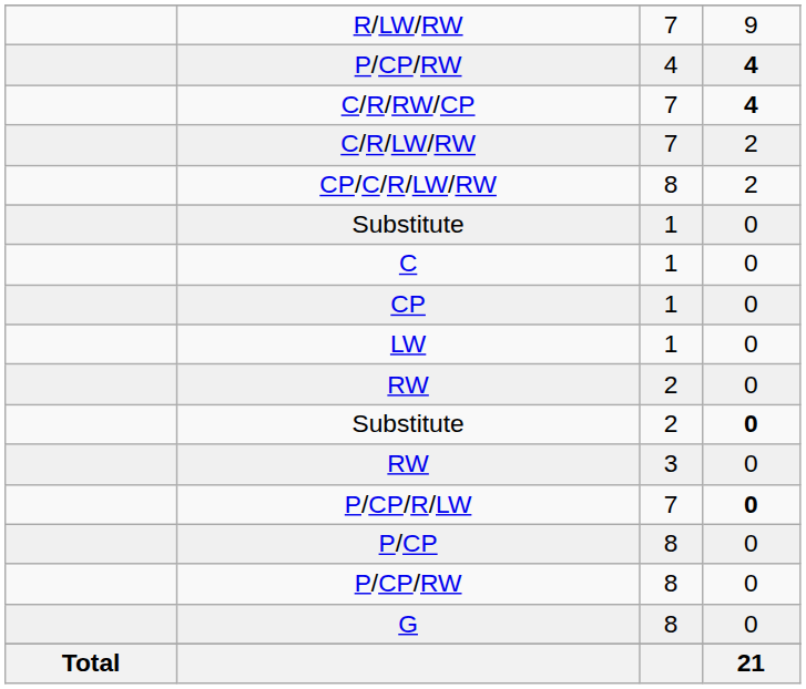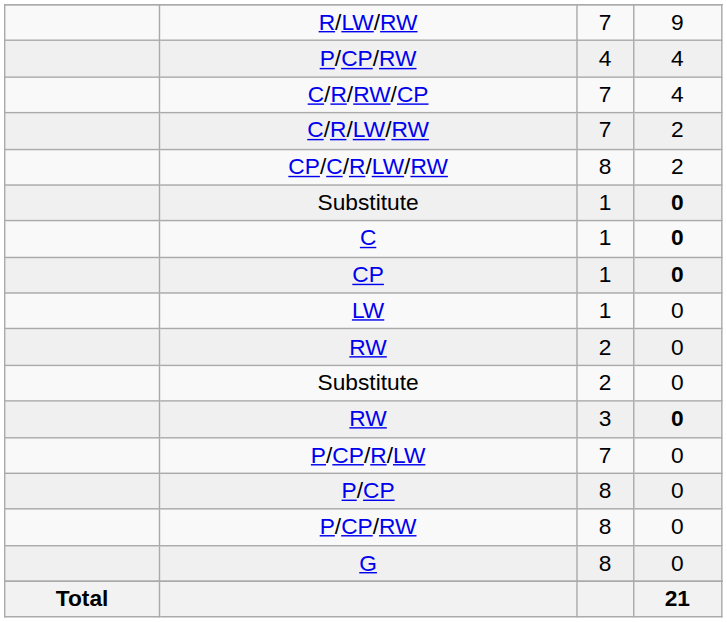 <table class="wikitable sortable" width ="40%">
 <tr align="center">
 </tr>
 <tr align="center" bgcolor="">
 <td></td>
 <td><a href='#'>R</a>/<a href='#'>LW</a>/<a href='#'>RW</a></td>
 <td>7</td>
 <td>9</td>
 </tr>
 <tr align="center" bgcolor="f0f0f0">
 <td></td>
 <td><a href='#'>P</a>/<a href='#'>CP</a>/<a href='#'>RW</a></td>
 <td>4</td>
-<td><strong>4</strong></td>
+<td>4</td>
 </tr>
 <tr align="center" bgcolor="">
 <td></td>
 <td><a href='#'>C</a>/<a href='#'>R</a>/<a href='#'>RW</a>/<a href='#'>CP</a></td>
 <td>7</td>
-<td><strong>4</strong></td>
+<td>4</td>
 </tr>
 <tr align="center" bgcolor="f0f0f0">
 <td></td>
 <td><a href='#'>C</a>/<a href='#'>R</a>/<a href='#'>LW</a>/<a href='#'>RW</a></td>
 <td>7</td>
 <td>2</td>
 </tr>
 <tr align="center" bgcolor="">
 <td></td>
 <td><a href='#'>CP</a>/<a href='#'>C</a>/<a href='#'>R</a>/<a href='#'>LW</a>/<a href='#'>RW</a></td>
 <td>8</td>
 <td>2</td>
 </tr>
 <tr align="center" bgcolor="f0f0f0">
 <td></td>
 <td>Substitute</td>
 <td>1</td>
-<td>0</td>
+<td><strong>0</strong></td>
 </tr>
 <tr align="center" bgcolor="">
 <td></td>
 <td><a href='#'>C</a></td>
 <td>1</td>
-<td>0</td>
+<td><strong>0</strong></td>
 </tr>
 <tr align="center" bgcolor="f0f0f0">
 <td></td>
 <td><a href='#'>CP</a></td>
 <td>1</td>
-<td>0</td>
+<td><strong>0</strong></td>
 </tr>
 <tr align="center" bgcolor="">
 <td></td>
 <td><a href='#'>LW</a></td>
 <td>1</td>
 <td>0</td>
 </tr>
 <tr align="center" bgcolor="f0f0f0">
 <td></td>
 <td><a href='#'>RW</a></td>
 <td>2</td>
 <td>0</td>
 </tr>
 <tr align="center" bgcolor="">
 <td></td>
 <td>Substitute</td>
 <td>2</td>
-<td><strong>0</strong></td>
+<td>0</td>
 </tr>
 <tr align="center" bgcolor="f0f0f0">
 <td></td>
 <td><a href='#'>RW</a></td>
 <td>3</td>
-<td>0</td>
+<td><strong>0</strong></td>
 </tr>
 <tr align="center" bgcolor="">
 <td></td>
 <td><a href='#'>P</a>/<a href='#'>CP</a>/<a href='#'>R</a>/<a href='#'>LW</a></td>
 <td>7</td>
-<td><strong>0</strong></td>
+<td>0</td>
 </tr>
 <tr align="center" bgcolor="f0f0f0">
 <td></td>
 <td><a href='#'>P</a>/<a href='#'>CP</a></td>
 <td>8</td>
 <td>0</td>
 </tr>
 <tr align="center" bgcolor="">
 <td></td>
 <td><a href='#'>P</a>/<a href='#'>CP</a>/<a href='#'>RW</a></td>
 <td>8</td>
 <td>0</td>
 </tr>
 <tr align="center" bgcolor="f0f0f0">
 <td></td>
 <td><a href='#'>G</a></td>
 <td>8</td>
 <td>0</td>
 </tr>
 <tr align="center" bgcolor="">
 </tr>
 <tr>
 <th>Total</th>
 <th></th>
 <th></th>
 <th>21</th>
 </tr>
 </table>
